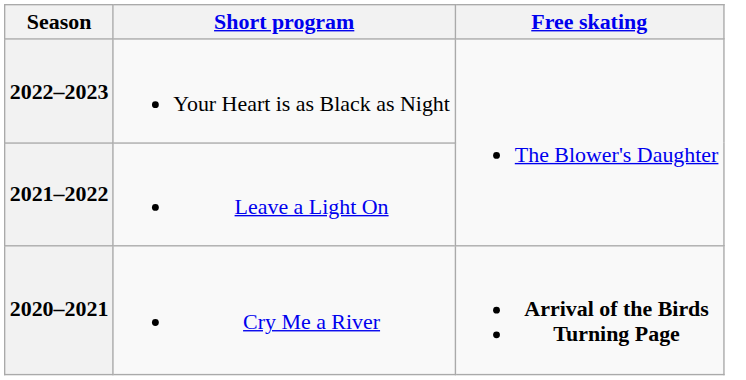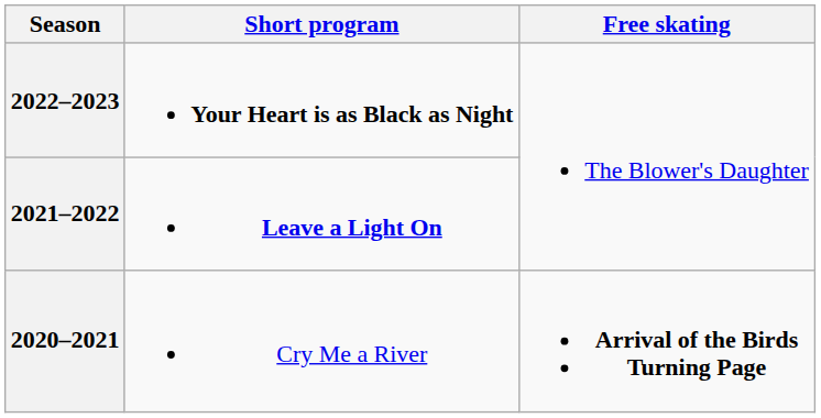 <table class=wikitable style=text-align:center>
 <tr>
 <th>Season</th>
 <th><a href='#'>Short program</a></th>
 <th><a href='#'>Free skating</a></th>
 </tr>
 <tr>
 <th>2022–2023 <br></th>
-<td><br><ul><li>Your Heart is as Black as Night <br> </li></ul></td>
+<td><strong><br><ul><li>Your Heart is as Black as Night <br> </li></ul></strong></td>
 <td rowspan=2><br><ul><li><a href='#'>The Blower's Daughter</a> <br></li></ul></td>
 </tr>
 <tr>
 <th>2021–2022 <br></th>
-<td><br><ul><li><a href='#'>Leave a Light On</a> <br></li></ul></td>
+<td><strong><br><ul><li><a href='#'>Leave a Light On</a> <br></li></ul></strong></td>
 </tr>
 <tr>
 <th>2020–2021 <br></th>
 <td><br><ul><li><a href='#'>Cry Me a River</a> <br></li></ul></td>
 <td><strong><br><ul><li>Arrival of the Birds <br></li><li>Turning Page <br></li></ul></strong></td>
 </tr>
 </table>
